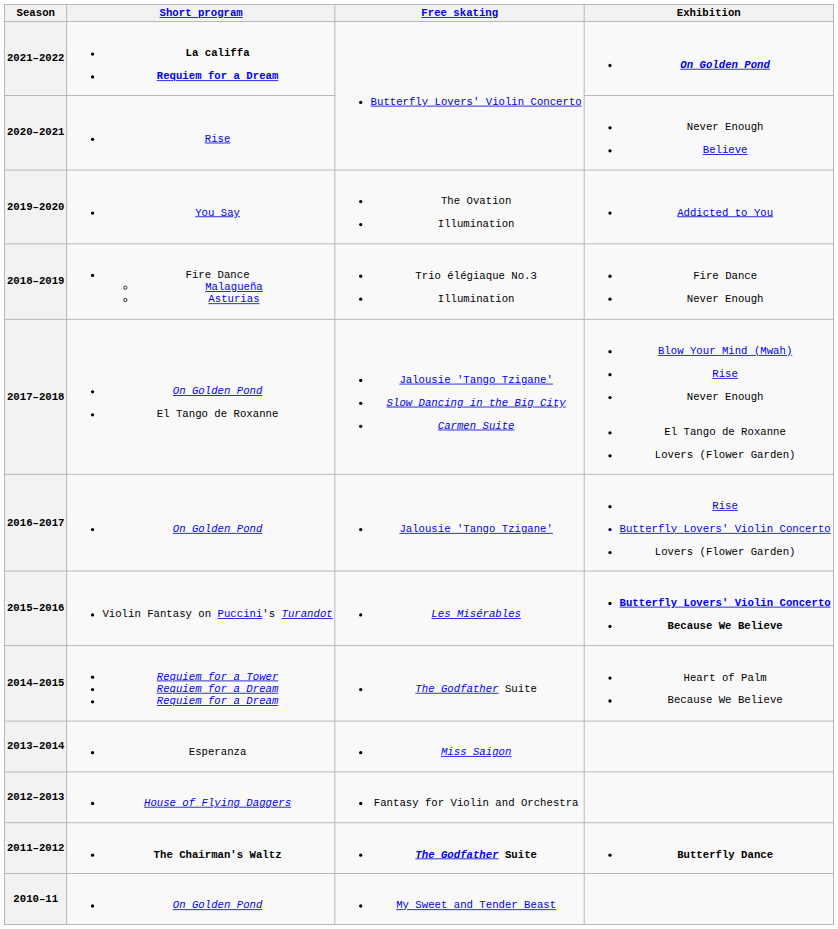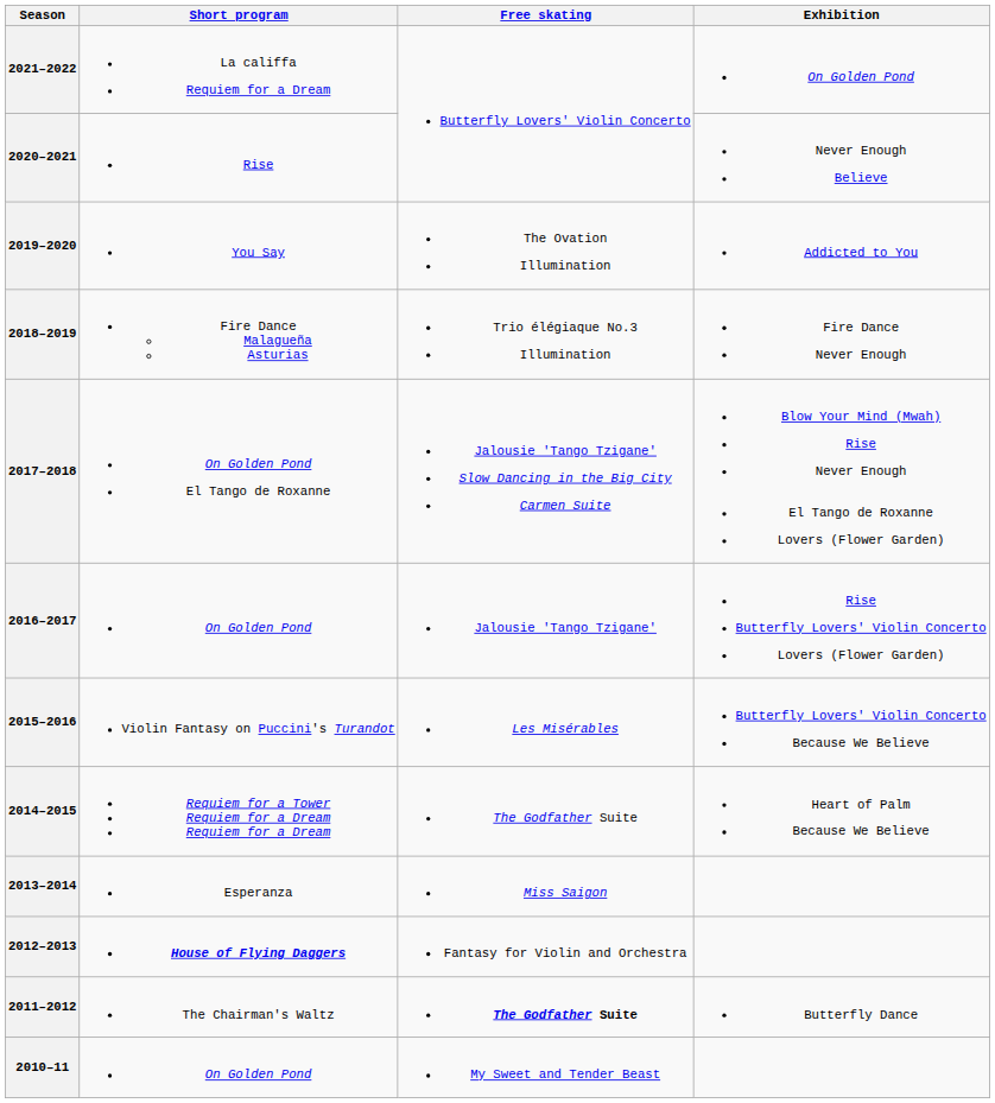 <table class=wikitable style=text-align:center>
 <tr>
 <th>Season</th>
 <th><a href='#'>Short program</a></th>
 <th><a href='#'>Free skating</a></th>
 <th>Exhibition</th>
 </tr>
 <tr>
 <th>2021–2022<br></th>
-<td><strong><br><ul><li>La califfa<br></li></ul><ul><li><a href='#'>Requiem for a Dream</a> <br></li></ul></strong></td>
+<td><br><ul><li>La califfa<br></li></ul><ul><li><a href='#'>Requiem for a Dream</a> <br></li></ul></td>
 <td rowspan=2><br><ul><li><a href='#'>Butterfly Lovers' Violin Concerto</a><br></li></ul></td>
-<td><strong><br><ul><li><em><a href='#'>On Golden Pond</a></em> <br></li></ul></strong></td>
+<td><br><ul><li><em><a href='#'>On Golden Pond</a></em> <br></li></ul></td>
 </tr>
 <tr>
 <th>2020–2021<br></th>
 <td><br><ul><li><a href='#'>Rise</a><br></li></ul></td>
 <td><br><ul><li>Never Enough<br></li></ul><ul><li><a href='#'>Believe</a><br></li></ul></td>
 </tr>
 <tr>
 <th>2019–2020<br></th>
 <td><br><ul><li><a href='#'>You Say</a><br></li></ul></td>
 <td><br><ul><li>The Ovation<br></li></ul><ul><li>Illumination<br></li></ul></td>
 <td><br><ul><li><a href='#'>Addicted to You</a><br></li></ul></td>
 </tr>
 <tr>
 <th>2018–2019 <br></th>
 <td><br><ul><li>Fire Dance <br><ul><li><a href='#'>Malagueña</a><br></li><li><a href='#'>Asturias</a><br></li></ul></li></ul></td>
 <td><br><ul><li>Trio élégiaque No.3<br></li></ul><ul><li>Illumination<br></li></ul></td>
 <td><br><ul><li>Fire Dance <br></li></ul><ul><li>Never Enough<br></li></ul></td>
 </tr>
 <tr>
 <th>2017–2018 <br> </th>
 <td><br><ul><li><em><a href='#'>On Golden Pond</a></em> <br></li></ul><ul><li>El Tango de Roxanne <br></li></ul></td>
 <td><br><ul><li><a href='#'>Jalousie 'Tango Tzigane'</a> <br></li></ul><ul><li><em><a href='#'>Slow Dancing in the Big City</a></em> <br></li></ul><ul><li><em><a href='#'>Carmen Suite</a></em> <br></li></ul></td>
 <td><br><ul><li><a href='#'>Blow Your Mind (Mwah)</a> <br></li></ul><ul><li><a href='#'>Rise</a> <br></li></ul><ul><li>Never Enough<br> <br></li></ul><ul><li>El Tango de Roxanne <br></li></ul><ul><li>Lovers (Flower Garden) <br></li></ul></td>
 </tr>
 <tr>
 <th>2016–2017 <br> </th>
 <td><br><ul><li><em><a href='#'>On Golden Pond</a></em> <br></li></ul></td>
 <td><br><ul><li><a href='#'>Jalousie 'Tango Tzigane'</a> <br></li></ul></td>
 <td><br><ul><li><a href='#'>Rise</a> <br></li></ul><ul><li><a href='#'>Butterfly Lovers' Violin Concerto</a> <br></li></ul><ul><li>Lovers (Flower Garden) <br></li></ul></td>
 </tr>
 <tr>
 <th>2015–2016 <br> </th>
 <td><br><ul><li>Violin Fantasy on <a href='#'>Puccini</a>'s <em><a href='#'>Turandot</a></em> <br></li></ul></td>
 <td><br><ul><li><em><a href='#'>Les Misérables</a></em> <br></li></ul></td>
-<td><strong><br><ul><li><a href='#'>Butterfly Lovers' Violin Concerto</a> <br></li></ul><ul><li>Because We Believe <br></li></ul></strong></td>
+<td><br><ul><li><a href='#'>Butterfly Lovers' Violin Concerto</a> <br></li></ul><ul><li>Because We Believe <br></li></ul></td>
 </tr>
 <tr>
 <th>2014–2015 <br> </th>
 <td><br><ul><li><em><a href='#'>Requiem for a Tower</a></em> <br></li><li><em><a href='#'>Requiem for a Dream</a></em> <br></li><li><em><a href='#'>Requiem for a Dream</a></em> <br></li></ul></td>
 <td><br><ul><li><em><a href='#'>The Godfather</a></em> Suite <br></li></ul></td>
 <td><br><ul><li>Heart of Palm <br></li></ul><ul><li>Because We Believe <br></li></ul></td>
 </tr>
 <tr>
 <th>2013–2014 <br> </th>
 <td><br><ul><li>Esperanza <br></li></ul></td>
 <td><br><ul><li><em><a href='#'>Miss Saigon</a></em> <br></li></ul></td>
 <td></td>
 </tr>
 <tr>
 <th>2012–2013 <br> </th>
-<td><br><ul><li><em><a href='#'>House of Flying Daggers</a></em> <br></li></ul></td>
+<td><strong><br><ul><li><em><a href='#'>House of Flying Daggers</a></em> <br></li></ul></strong></td>
 <td><br><ul><li>Fantasy for Violin and Orchestra <br></li></ul></td>
 <td></td>
 </tr>
 <tr>
 <th>2011–2012 <br> </th>
-<td><strong><br><ul><li>The Chairman's Waltz <br></li></ul></strong></td>
+<td><br><ul><li>The Chairman's Waltz <br></li></ul></td>
 <td><strong><br><ul><li><em><a href='#'>The Godfather</a></em> Suite <br></li></ul></strong></td>
-<td><strong><br><ul><li>Butterfly Dance</li></ul></strong></td>
+<td><br><ul><li>Butterfly Dance</li></ul></td>
 </tr>
 <tr>
 <th>2010–11</th>
 <td><br><ul><li><em><a href='#'>On Golden Pond</a></em> <br></li></ul></td>
 <td><br><ul><li><a href='#'>My Sweet and Tender Beast</a> <br></li></ul></td>
 <td></td>
 </tr>
 </table>
